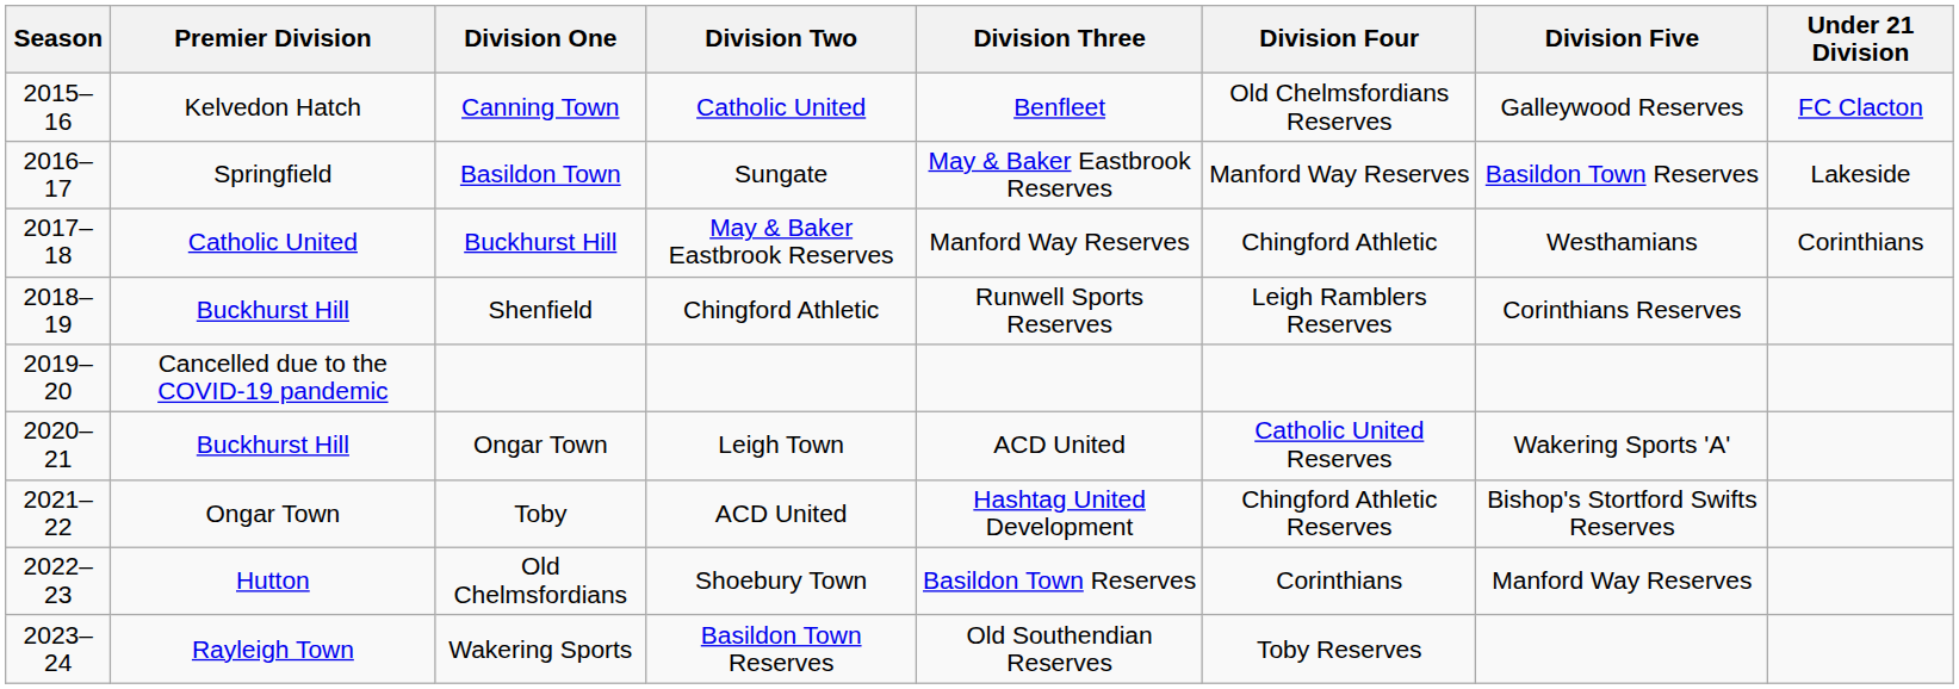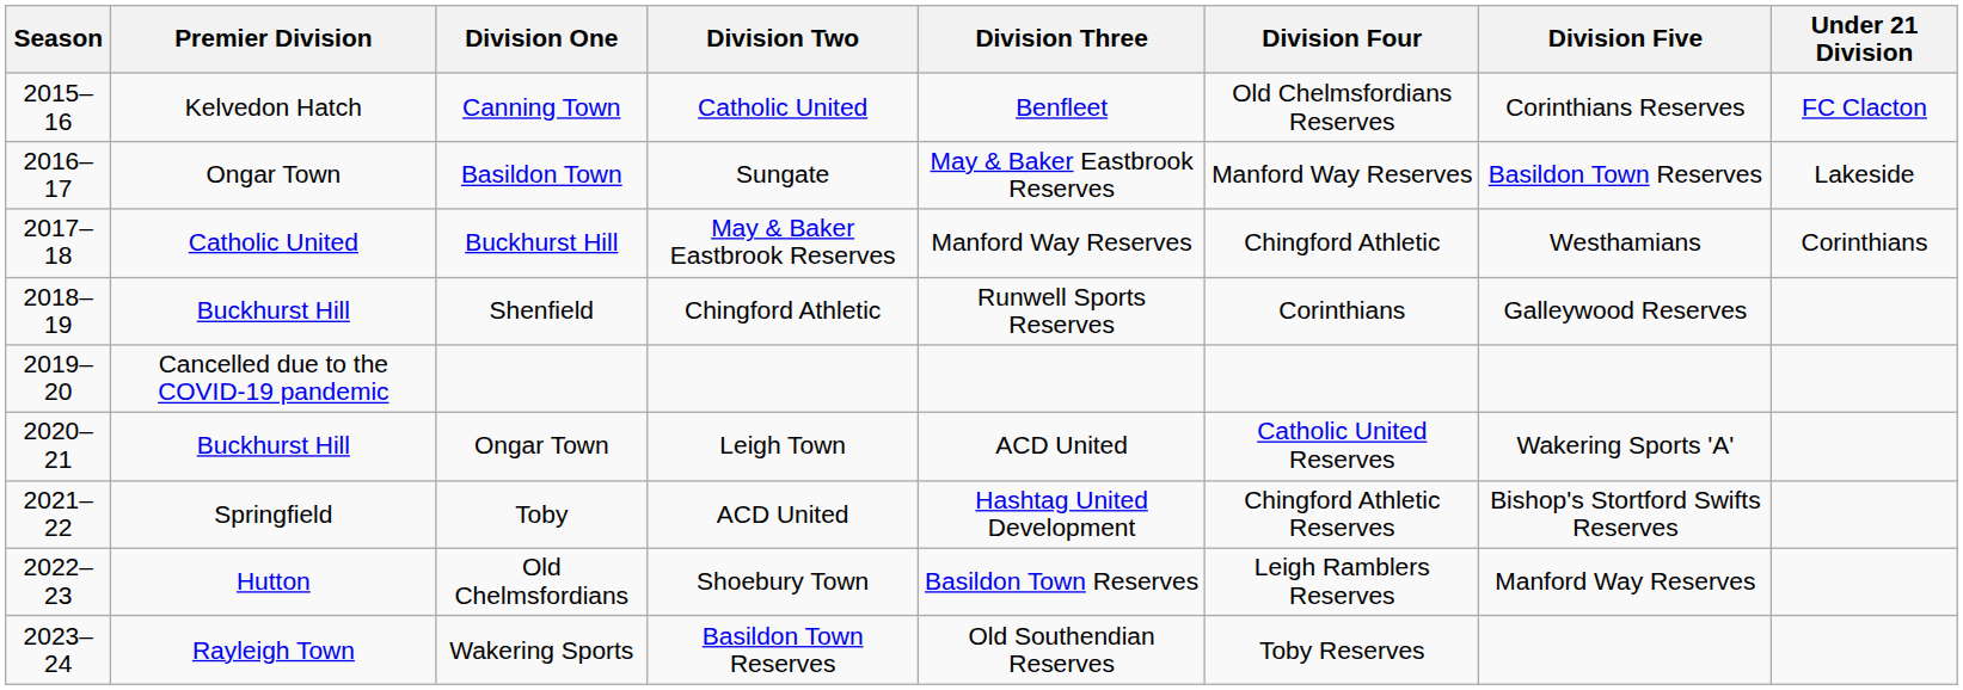 <table class=wikitable style=text-align:center>
 <tr>
 <th>Season</th>
 <th>Premier Division</th>
 <th>Division One</th>
 <th>Division Two</th>
 <th>Division Three</th>
 <th>Division Four</th>
 <th>Division Five</th>
 <th>Under 21 Division</th>
 </tr>
 <tr>
 <td>2015–16</td>
 <td>Kelvedon Hatch</td>
 <td><a href='#'>Canning Town</a></td>
 <td><a href='#'>Catholic United</a></td>
 <td><a href='#'>Benfleet</a></td>
 <td>Old Chelmsfordians Reserves</td>
-<td>Galleywood Reserves</td>
+<td>Corinthians Reserves</td>
 <td><a href='#'>FC Clacton</a></td>
 </tr>
 <tr>
 <td>2016–17</td>
-<td>Springfield</td>
+<td>Ongar Town</td>
 <td><a href='#'>Basildon Town</a></td>
 <td>Sungate</td>
 <td><a href='#'>May & Baker</a> Eastbrook Reserves</td>
 <td>Manford Way Reserves</td>
 <td><a href='#'>Basildon Town</a> Reserves</td>
 <td>Lakeside</td>
 </tr>
 <tr>
 <td>2017–18</td>
 <td><a href='#'>Catholic United</a></td>
 <td><a href='#'>Buckhurst Hill</a></td>
 <td><a href='#'>May & Baker</a> Eastbrook Reserves</td>
 <td>Manford Way Reserves</td>
 <td>Chingford Athletic</td>
 <td>Westhamians</td>
 <td>Corinthians</td>
 </tr>
 <tr>
 <td>2018–19</td>
 <td><a href='#'>Buckhurst Hill</a></td>
 <td>Shenfield</td>
 <td>Chingford Athletic</td>
 <td>Runwell Sports Reserves</td>
-<td>Leigh Ramblers Reserves</td>
-<td>Corinthians Reserves</td>
+<td>Corinthians</td>
+<td>Galleywood Reserves</td>
 </tr>
 <tr>
 <td>2019–20</td>
 <td>Cancelled due to the <a href='#'>COVID-19 pandemic</a></td>
 <td></td>
 <td></td>
 <td></td>
 <td></td>
 <td></td>
 <td></td>
 </tr>
 <tr>
 <td>2020–21</td>
 <td><a href='#'>Buckhurst Hill</a></td>
 <td>Ongar Town</td>
 <td>Leigh Town</td>
 <td>ACD United</td>
 <td><a href='#'>Catholic United</a> Reserves</td>
 <td>Wakering Sports 'A'</td>
 <td></td>
 </tr>
 <tr>
 <td>2021–22</td>
-<td>Ongar Town</td>
+<td>Springfield</td>
 <td>Toby</td>
 <td>ACD United</td>
 <td><a href='#'>Hashtag United</a> Development</td>
 <td>Chingford Athletic Reserves</td>
 <td>Bishop's Stortford Swifts Reserves</td>
 <td></td>
 </tr>
 <tr>
 <td>2022–23</td>
 <td><a href='#'>Hutton</a></td>
 <td>Old Chelmsfordians</td>
 <td>Shoebury Town</td>
 <td><a href='#'>Basildon Town</a> Reserves</td>
-<td>Corinthians</td>
+<td>Leigh Ramblers Reserves</td>
 <td>Manford Way Reserves</td>
 <td></td>
 </tr>
 <tr>
 <td>2023–24</td>
 <td><a href='#'>Rayleigh Town</a></td>
 <td>Wakering Sports</td>
 <td><a href='#'>Basildon Town</a> Reserves</td>
 <td>Old Southendian Reserves</td>
 <td>Toby Reserves</td>
 <td></td>
 <td></td>
 </tr>
 </table>
